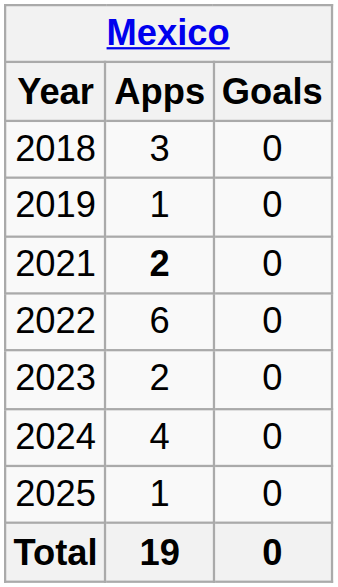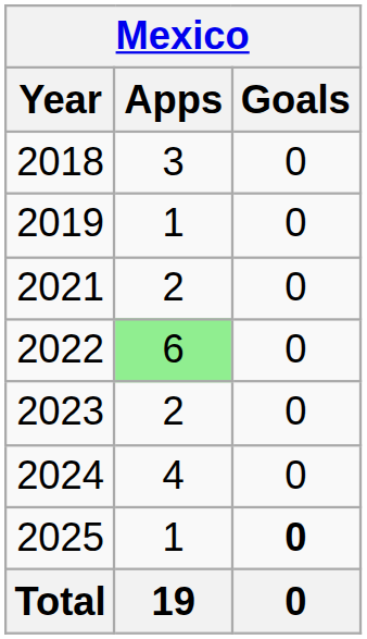 <table class="wikitable" style="text-align:center">
 <tr>
 <th colspan=3><a href='#'>Mexico</a></th>
 </tr>
 <tr>
 <th>Year</th>
 <th>Apps</th>
 <th>Goals</th>
 </tr>
 <tr>
 <td>2018</td>
 <td>3</td>
 <td>0</td>
 </tr>
 <tr>
 <td>2019</td>
 <td>1</td>
 <td>0</td>
 </tr>
 <tr>
 <td>2021</td>
-<td><strong>2</strong></td>
+<td>2</td>
 <td>0</td>
 </tr>
 <tr>
 <td>2022</td>
-<td>6</td>
+<td style="background: lightgreen;">6</td>
 <td>0</td>
 </tr>
 <tr>
 <td>2023</td>
 <td>2</td>
 <td>0</td>
 </tr>
 <tr>
 <td>2024</td>
 <td>4</td>
 <td>0</td>
 </tr>
 <tr>
 <td>2025</td>
 <td>1</td>
-<td>0</td>
+<td><strong>0</strong></td>
 </tr>
 <tr>
 <th>Total</th>
 <th>19</th>
 <th>0</th>
 </tr>
 </table>
